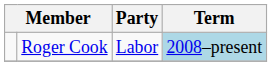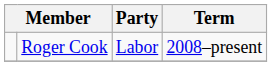 <table class="wikitable">
 <tr>
 <th colspan="2">Member</th>
 <th>Party</th>
 <th>Term</th>
 </tr>
 <tr>
 <td> </td>
 <td><a href='#'>Roger Cook</a></td>
 <td><a href='#'>Labor</a></td>
-<td style="background: lightblue;"><a href='#'>2008</a>–present</td>
+<td><a href='#'>2008</a>–present</td>
 </tr>
 <tr>
 </tr>
 </table>
